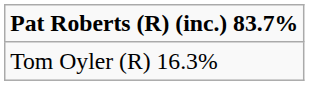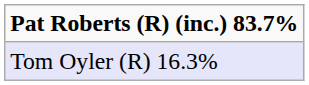 <table class="wikitable">
 <tr>
 <td><strong>Pat Roberts (R) (inc.) 83.7%</strong></td>
 </tr>
 <tr>
-<td>Tom Oyler (R) 16.3%</td>
+<td style="background: lavender;">Tom Oyler (R) 16.3%</td>
 </tr>
 </table>
